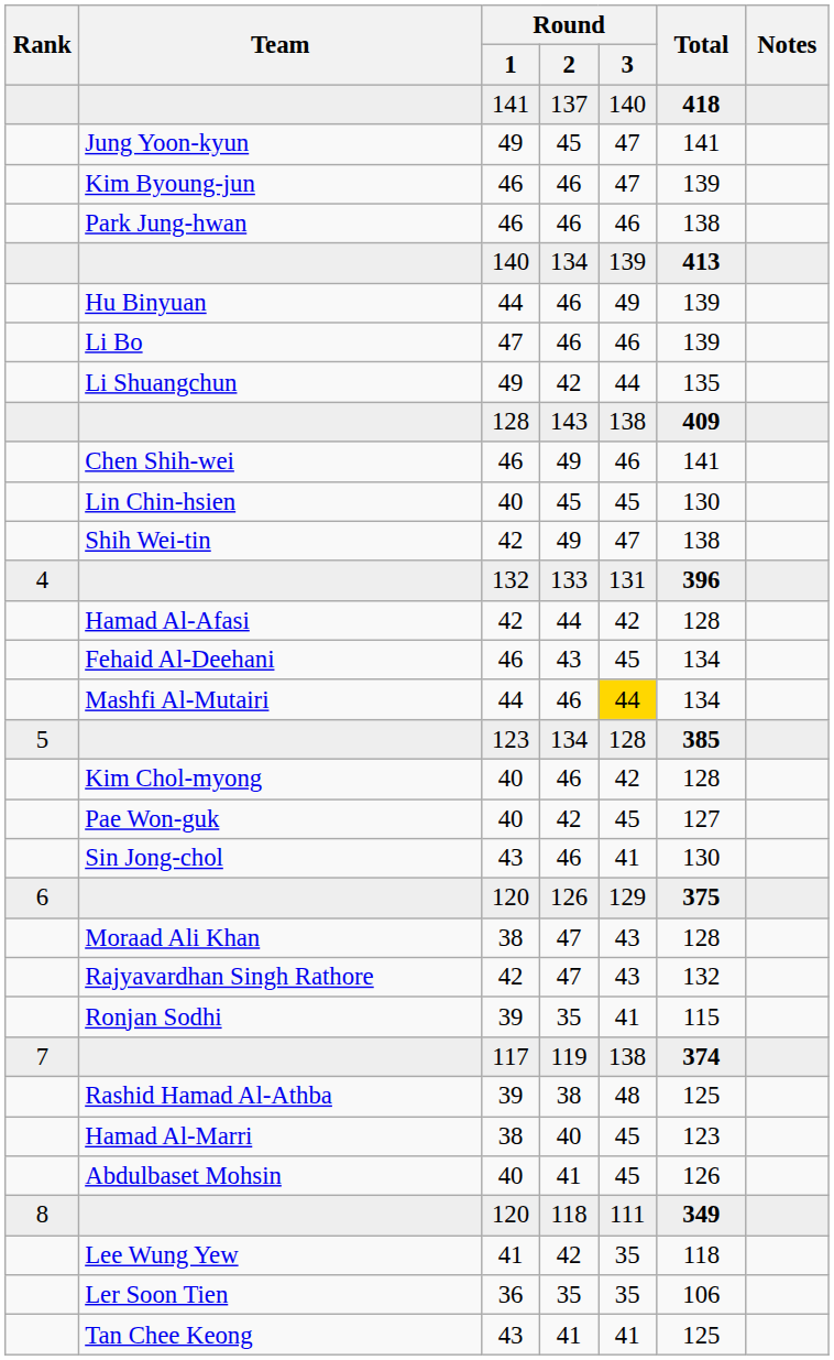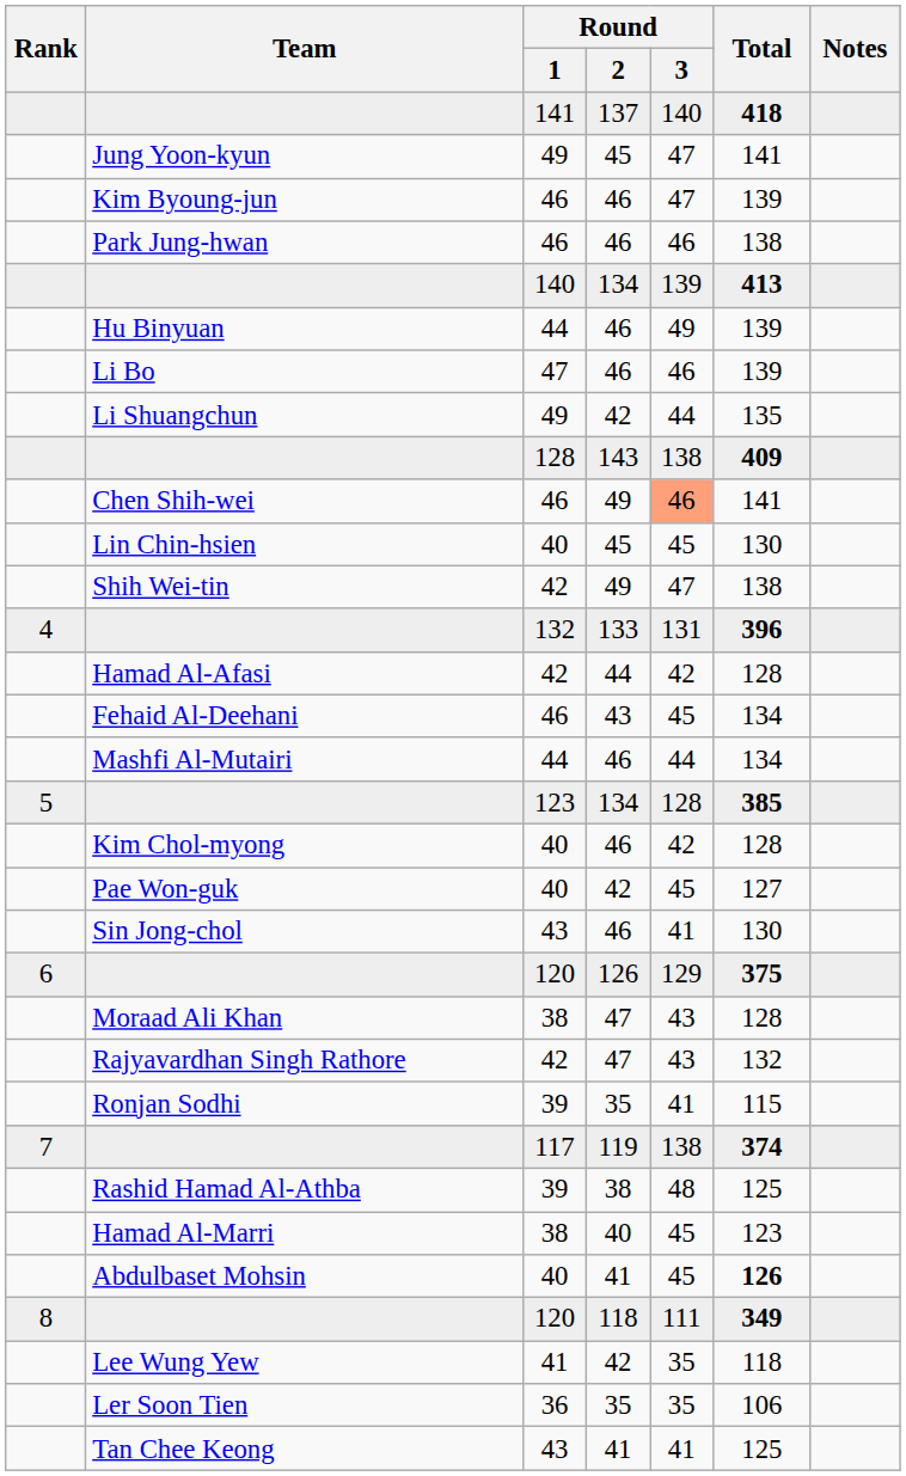 <table class="wikitable" style="text-align:center">
 <tr>
 <th rowspan=2 width=40>Rank</th>
 <th rowspan=2 width=250>Team</th>
 <th colspan=3>Round</th>
 <th rowspan=2 width=50>Total</th>
 <th rowspan=2 width=45>Notes</th>
 </tr>
 <tr>
 <th width=30>1</th>
 <th width=30>2</th>
 <th width=30>3</th>
 </tr>
 <tr bgcolor=eeeeee>
 <td></td>
 <td align=left></td>
 <td>141</td>
 <td>137</td>
 <td>140</td>
 <td><strong>418</strong></td>
 <td></td>
 </tr>
 <tr>
 <td></td>
 <td align=left><a href='#'>Jung Yoon-kyun</a></td>
 <td>49</td>
 <td>45</td>
 <td>47</td>
 <td>141</td>
 <td></td>
 </tr>
 <tr>
 <td></td>
 <td align=left><a href='#'>Kim Byoung-jun</a></td>
 <td>46</td>
 <td>46</td>
 <td>47</td>
 <td>139</td>
 <td></td>
 </tr>
 <tr>
 <td></td>
 <td align=left><a href='#'>Park Jung-hwan</a></td>
 <td>46</td>
 <td>46</td>
 <td>46</td>
 <td>138</td>
 <td></td>
 </tr>
 <tr bgcolor=eeeeee>
 <td></td>
 <td align=left></td>
 <td>140</td>
 <td>134</td>
 <td>139</td>
 <td><strong>413</strong></td>
 <td></td>
 </tr>
 <tr>
 <td></td>
 <td align=left><a href='#'>Hu Binyuan</a></td>
 <td>44</td>
 <td>46</td>
 <td>49</td>
 <td>139</td>
 <td></td>
 </tr>
 <tr>
 <td></td>
 <td align=left><a href='#'>Li Bo</a></td>
 <td>47</td>
 <td>46</td>
 <td>46</td>
 <td>139</td>
 <td></td>
 </tr>
 <tr>
 <td></td>
 <td align=left><a href='#'>Li Shuangchun</a></td>
 <td>49</td>
 <td>42</td>
 <td>44</td>
 <td>135</td>
 <td></td>
 </tr>
 <tr bgcolor=eeeeee>
 <td></td>
 <td align=left></td>
 <td>128</td>
 <td>143</td>
 <td>138</td>
 <td><strong>409</strong></td>
 <td></td>
 </tr>
 <tr>
 <td></td>
 <td align=left><a href='#'>Chen Shih-wei</a></td>
 <td>46</td>
 <td>49</td>
-<td>46</td>
+<td style="background: lightsalmon;">46</td>
 <td>141</td>
 <td></td>
 </tr>
 <tr>
 <td></td>
 <td align=left><a href='#'>Lin Chin-hsien</a></td>
 <td>40</td>
 <td>45</td>
 <td>45</td>
 <td>130</td>
 <td></td>
 </tr>
 <tr>
 <td></td>
 <td align=left><a href='#'>Shih Wei-tin</a></td>
 <td>42</td>
 <td>49</td>
 <td>47</td>
 <td>138</td>
 <td></td>
 </tr>
 <tr bgcolor=eeeeee>
 <td>4</td>
 <td align=left></td>
 <td>132</td>
 <td>133</td>
 <td>131</td>
 <td><strong>396</strong></td>
 <td></td>
 </tr>
 <tr>
 <td></td>
 <td align=left><a href='#'>Hamad Al-Afasi</a></td>
 <td>42</td>
 <td>44</td>
 <td>42</td>
 <td>128</td>
 <td></td>
 </tr>
 <tr>
 <td></td>
 <td align=left><a href='#'>Fehaid Al-Deehani</a></td>
 <td>46</td>
 <td>43</td>
 <td>45</td>
 <td>134</td>
 <td></td>
 </tr>
 <tr>
 <td></td>
 <td align=left><a href='#'>Mashfi Al-Mutairi</a></td>
 <td>44</td>
 <td>46</td>
-<td style="background: gold;">44</td>
+<td>44</td>
 <td>134</td>
 <td></td>
 </tr>
 <tr bgcolor=eeeeee>
 <td>5</td>
 <td align=left></td>
 <td>123</td>
 <td>134</td>
 <td>128</td>
 <td><strong>385</strong></td>
 <td></td>
 </tr>
 <tr>
 <td></td>
 <td align=left><a href='#'>Kim Chol-myong</a></td>
 <td>40</td>
 <td>46</td>
 <td>42</td>
 <td>128</td>
 <td></td>
 </tr>
 <tr>
 <td></td>
 <td align=left><a href='#'>Pae Won-guk</a></td>
 <td>40</td>
 <td>42</td>
 <td>45</td>
 <td>127</td>
 <td></td>
 </tr>
 <tr>
 <td></td>
 <td align=left><a href='#'>Sin Jong-chol</a></td>
 <td>43</td>
 <td>46</td>
 <td>41</td>
 <td>130</td>
 <td></td>
 </tr>
 <tr bgcolor=eeeeee>
 <td>6</td>
 <td align=left></td>
 <td>120</td>
 <td>126</td>
 <td>129</td>
 <td><strong>375</strong></td>
 <td></td>
 </tr>
 <tr>
 <td></td>
 <td align=left><a href='#'>Moraad Ali Khan</a></td>
 <td>38</td>
 <td>47</td>
 <td>43</td>
 <td>128</td>
 <td></td>
 </tr>
 <tr>
 <td></td>
 <td align=left><a href='#'>Rajyavardhan Singh Rathore</a></td>
 <td>42</td>
 <td>47</td>
 <td>43</td>
 <td>132</td>
 <td></td>
 </tr>
 <tr>
 <td></td>
 <td align=left><a href='#'>Ronjan Sodhi</a></td>
 <td>39</td>
 <td>35</td>
 <td>41</td>
 <td>115</td>
 <td></td>
 </tr>
 <tr bgcolor=eeeeee>
 <td>7</td>
 <td align=left></td>
 <td>117</td>
 <td>119</td>
 <td>138</td>
 <td><strong>374</strong></td>
 <td></td>
 </tr>
 <tr>
 <td></td>
 <td align=left><a href='#'>Rashid Hamad Al-Athba</a></td>
 <td>39</td>
 <td>38</td>
 <td>48</td>
 <td>125</td>
 <td></td>
 </tr>
 <tr>
 <td></td>
 <td align=left><a href='#'>Hamad Al-Marri</a></td>
 <td>38</td>
 <td>40</td>
 <td>45</td>
 <td>123</td>
 <td></td>
 </tr>
 <tr>
 <td></td>
 <td align=left><a href='#'>Abdulbaset Mohsin</a></td>
 <td>40</td>
 <td>41</td>
 <td>45</td>
-<td>126</td>
+<td><strong>126</strong></td>
 <td></td>
 </tr>
 <tr bgcolor=eeeeee>
 <td>8</td>
 <td align=left></td>
 <td>120</td>
 <td>118</td>
 <td>111</td>
 <td><strong>349</strong></td>
 <td></td>
 </tr>
 <tr>
 <td></td>
 <td align=left><a href='#'>Lee Wung Yew</a></td>
 <td>41</td>
 <td>42</td>
 <td>35</td>
 <td>118</td>
 <td></td>
 </tr>
 <tr>
 <td></td>
 <td align=left><a href='#'>Ler Soon Tien</a></td>
 <td>36</td>
 <td>35</td>
 <td>35</td>
 <td>106</td>
 <td></td>
 </tr>
 <tr>
 <td></td>
 <td align=left><a href='#'>Tan Chee Keong</a></td>
 <td>43</td>
 <td>41</td>
 <td>41</td>
 <td>125</td>
 <td></td>
 </tr>
 </table>
